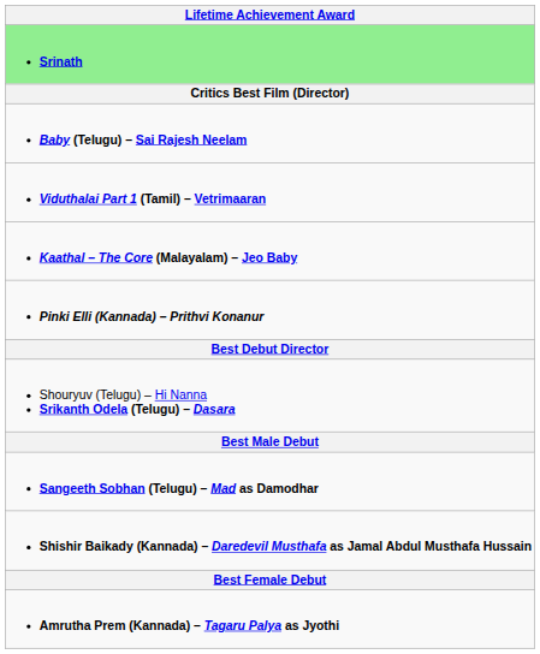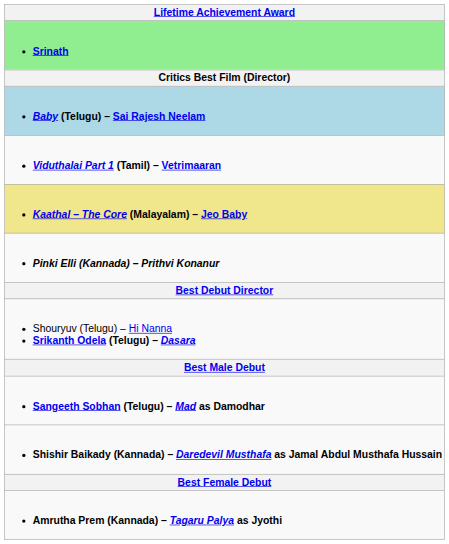 <table class="wikitable">
 <tr>
 <th><a href='#'>Lifetime Achievement Award</a></th>
 </tr>
 <tr>
 <td style="background: lightgreen;"><br><ul><li><a href='#'><strong>Srinath</strong></a></li></ul></td>
 </tr>
 <tr>
 <th><strong>Critics Best Film (Director)</strong></th>
 </tr>
 <tr>
-<td><br><ul><li><a href='#'><strong><em>Baby</em></strong></a> <strong>(Telugu) – <a href='#'>Sai Rajesh Neelam</a></strong></li></ul></td>
+<td style="background: lightblue;"><br><ul><li><a href='#'><strong><em>Baby</em></strong></a> <strong>(Telugu) – <a href='#'>Sai Rajesh Neelam</a></strong></li></ul></td>
 </tr>
 <tr>
 <td><br><ul><li><strong><em><a href='#'>Viduthalai Part 1</a></em></strong> <strong>(Tamil) – <a href='#'>Vetrimaaran</a></strong></li></ul></td>
 </tr>
 <tr>
-<td><br><ul><li><strong><em><a href='#'>Kaathal – The Core</a></em></strong> <strong>(Malayalam) – <a href='#'>Jeo Baby</a></strong></li></ul></td>
+<td style="background: khaki;"><br><ul><li><strong><em><a href='#'>Kaathal – The Core</a></em></strong> <strong>(Malayalam) – <a href='#'>Jeo Baby</a></strong></li></ul></td>
 </tr>
 <tr>
 <td><br><ul><li><strong><em>Pinki Elli<em> (Kannada) – Prithvi Konanur<strong></li></ul></td>
 </tr>
 <tr>
 <th><a href='#'>Best Debut Director</a></th>
 </tr>
 <tr>
 <td><br><ul><li></strong>Shouryuv (Telugu) – </em><a href='#'>Hi Nanna</a></em></strong></li><li><strong><a href='#'>Srikanth Odela</a> (Telugu) – <a href='#'><em>Dasara</em></a></strong></li></ul></td>
 </tr>
 <tr>
 <th><a href='#'>Best Male Debut</a></th>
 </tr>
 <tr>
 <td><br><ul><li><strong><a href='#'>Sangeeth Sobhan</a> (Telugu) –<em> <a href='#'>Mad</a></em> as Damodhar</strong></li></ul></td>
 </tr>
 <tr>
 <td><br><ul><li><strong>Shishir Baikady (Kannada) – <em><a href='#'>Daredevil Musthafa</a></em> as Jamal Abdul Musthafa Hussain</strong></li></ul></td>
 </tr>
 <tr>
 <th><a href='#'><strong>Best Female Debut</strong></a></th>
 </tr>
 <tr>
 <td><br><ul><li><strong>Amrutha Prem (Kannada) – <em><a href='#'>Tagaru Palya</a></em> as Jyothi</strong></li></ul></td>
 </tr>
 </table>
